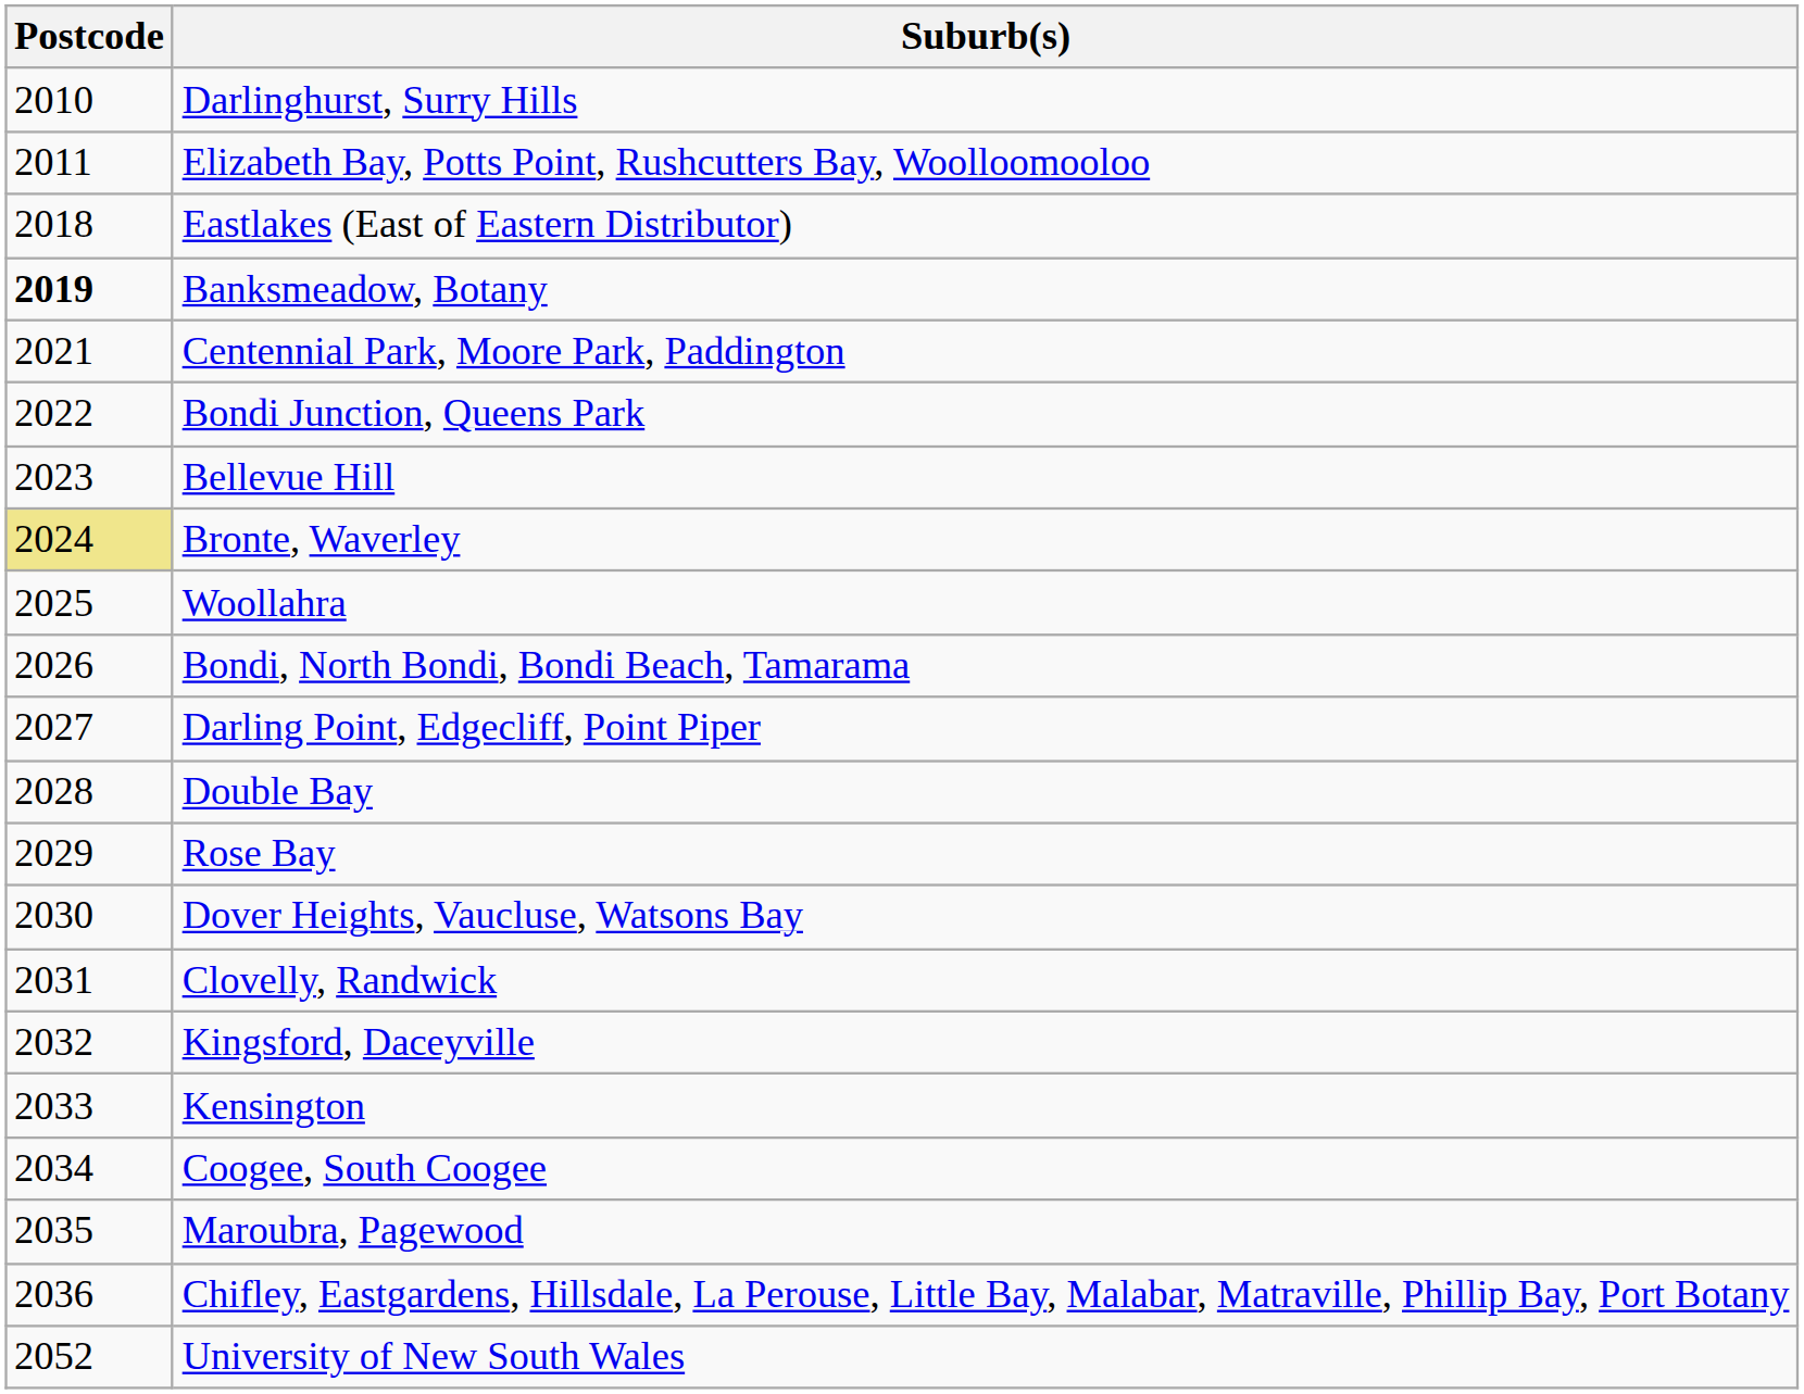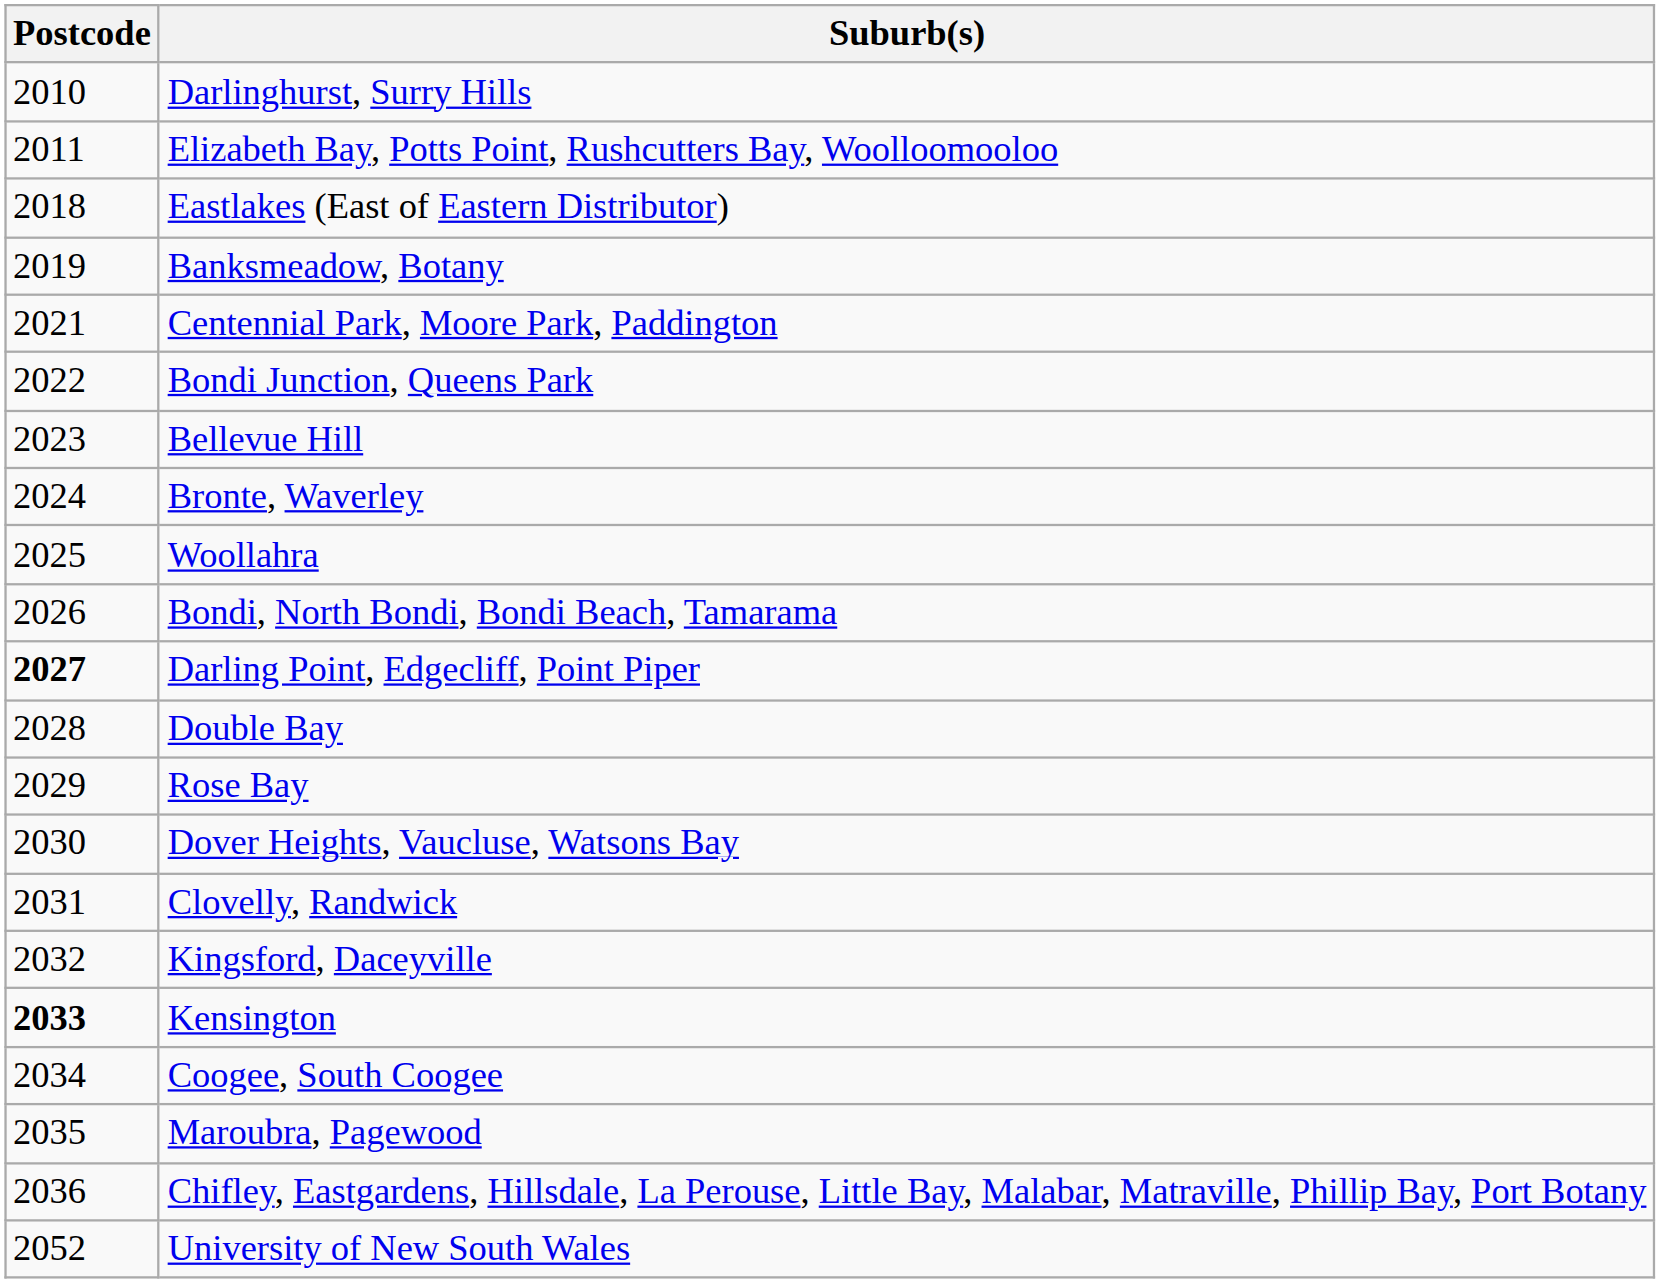 <table class="wikitable" style="margin:auto">
 <tr>
 <th>Postcode</th>
 <th>Suburb(s)</th>
 </tr>
 <tr>
 <td>2010</td>
 <td><a href='#'>Darlinghurst</a>, <a href='#'>Surry Hills</a></td>
 </tr>
 <tr>
 <td>2011</td>
 <td><a href='#'>Elizabeth Bay</a>, <a href='#'>Potts Point</a>, <a href='#'>Rushcutters Bay</a>, <a href='#'>Woolloomooloo</a></td>
 </tr>
 <tr>
 <td>2018</td>
 <td><a href='#'>Eastlakes</a> (East of <a href='#'>Eastern Distributor</a>)</td>
 </tr>
 <tr>
-<td><strong>2019</strong></td>
+<td>2019</td>
 <td><a href='#'>Banksmeadow</a>, <a href='#'>Botany</a></td>
 </tr>
 <tr>
 <td>2021</td>
 <td><a href='#'>Centennial Park</a>, <a href='#'>Moore Park</a>, <a href='#'>Paddington</a></td>
 </tr>
 <tr>
 <td>2022</td>
 <td><a href='#'>Bondi Junction</a>, <a href='#'>Queens Park</a></td>
 </tr>
 <tr>
 <td>2023</td>
 <td><a href='#'>Bellevue Hill</a></td>
 </tr>
 <tr>
-<td style="background: khaki;">2024</td>
+<td>2024</td>
 <td><a href='#'>Bronte</a>, <a href='#'>Waverley</a></td>
 </tr>
 <tr>
 <td>2025</td>
 <td><a href='#'>Woollahra</a></td>
 </tr>
 <tr>
 <td>2026</td>
 <td><a href='#'>Bondi</a>, <a href='#'>North Bondi</a>, <a href='#'>Bondi Beach</a>, <a href='#'>Tamarama</a></td>
 </tr>
 <tr>
-<td>2027</td>
+<td><strong>2027</strong></td>
 <td><a href='#'>Darling Point</a>, <a href='#'>Edgecliff</a>, <a href='#'>Point Piper</a></td>
 </tr>
 <tr>
 <td>2028</td>
 <td><a href='#'>Double Bay</a></td>
 </tr>
 <tr>
 <td>2029</td>
 <td><a href='#'>Rose Bay</a></td>
 </tr>
 <tr>
 <td>2030</td>
 <td><a href='#'>Dover Heights</a>, <a href='#'>Vaucluse</a>, <a href='#'>Watsons Bay</a></td>
 </tr>
 <tr>
 <td>2031</td>
 <td><a href='#'>Clovelly</a>, <a href='#'>Randwick</a></td>
 </tr>
 <tr>
 <td>2032</td>
 <td><a href='#'>Kingsford</a>, <a href='#'>Daceyville</a></td>
 </tr>
 <tr>
-<td>2033</td>
+<td><strong>2033</strong></td>
 <td><a href='#'>Kensington</a></td>
 </tr>
 <tr>
 <td>2034</td>
 <td><a href='#'>Coogee</a>, <a href='#'>South Coogee</a></td>
 </tr>
 <tr>
 <td>2035</td>
 <td><a href='#'>Maroubra</a>, <a href='#'>Pagewood</a></td>
 </tr>
 <tr>
 <td>2036</td>
 <td><a href='#'>Chifley</a>, <a href='#'>Eastgardens</a>, <a href='#'>Hillsdale</a>, <a href='#'>La Perouse</a>, <a href='#'>Little Bay</a>, <a href='#'>Malabar</a>, <a href='#'>Matraville</a>, <a href='#'>Phillip Bay</a>, <a href='#'>Port Botany</a></td>
 </tr>
 <tr>
 <td>2052</td>
 <td><a href='#'>University of New South Wales</a></td>
 </tr>
 </table>
